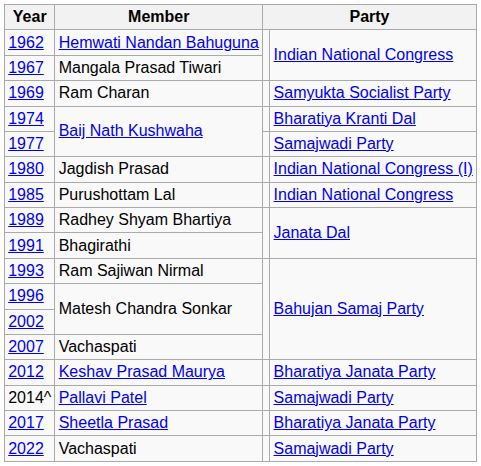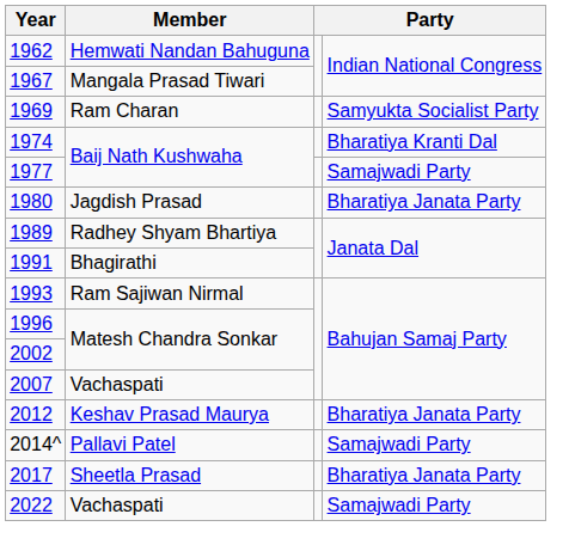 <table class="wikitable">
 <tr>
 <th>Year</th>
 <th>Member</th>
 <th colspan="2">Party</th>
 </tr>
 <tr>
 <td><a href='#'>1962</a></td>
 <td><a href='#'>Hemwati Nandan Bahuguna</a></td>
 <td rowspan="2" style="background-color: "></td>
 <td rowspan="2"><a href='#'>Indian National Congress</a></td>
 </tr>
 <tr>
 <td><a href='#'>1967</a></td>
 <td>Mangala Prasad Tiwari</td>
 </tr>
 <tr>
 <td><a href='#'>1969</a></td>
 <td>Ram Charan</td>
 <td style="background-color: "></td>
 <td><a href='#'>Samyukta Socialist Party</a></td>
 </tr>
 <tr>
 <td><a href='#'>1974</a></td>
 <td rowspan="2"><a href='#'>Baij Nath Kushwaha</a></td>
 <td style="background-color: "></td>
 <td><a href='#'>Bharatiya Kranti Dal</a></td>
 </tr>
 <tr>
 <td><a href='#'>1977</a></td>
 <td style="background-color: "></td>
 <td><a href='#'>Samajwadi Party</a></td>
 </tr>
 <tr>
 <td><a href='#'>1980</a></td>
 <td>Jagdish Prasad</td>
 <td style="background-color: "></td>
-<td><a href='#'>Indian National Congress (I)</a></td>
-</tr>
-<tr>
-<td><a href='#'>1985</a></td>
-<td>Purushottam Lal</td>
-<td style="background-color: "></td>
-<td><a href='#'>Indian National Congress</a></td>
+<td><a href='#'>Bharatiya Janata Party</a></td>
 </tr>
 <tr>
 <td><a href='#'>1989</a></td>
 <td>Radhey Shyam Bhartiya</td>
 <td rowspan="2" style="background-color: "></td>
 <td rowspan="2"><a href='#'>Janata Dal</a></td>
 </tr>
 <tr>
 <td><a href='#'>1991</a></td>
 <td>Bhagirathi</td>
 </tr>
 <tr>
 <td><a href='#'>1993</a></td>
 <td>Ram Sajiwan Nirmal</td>
 <td rowspan="4" style="background-color: "></td>
 <td rowspan="4"><a href='#'>Bahujan Samaj Party</a></td>
 </tr>
 <tr>
 <td><a href='#'>1996</a></td>
 <td rowspan="2">Matesh Chandra Sonkar</td>
 </tr>
 <tr>
 <td><a href='#'>2002</a></td>
 </tr>
 <tr>
 <td><a href='#'>2007</a></td>
 <td>Vachaspati</td>
 </tr>
 <tr>
 <td><a href='#'>2012</a></td>
 <td><a href='#'>Keshav Prasad Maurya</a></td>
 <td style="background-color: "></td>
 <td><a href='#'>Bharatiya Janata Party</a></td>
 </tr>
 <tr>
 <td>2014^</td>
 <td><a href='#'>Pallavi Patel</a></td>
 <td style="background-color: "></td>
 <td><a href='#'>Samajwadi Party</a></td>
 </tr>
 <tr>
 <td><a href='#'>2017</a></td>
 <td><a href='#'>Sheetla Prasad</a></td>
 <td style="background-color: "></td>
 <td><a href='#'>Bharatiya Janata Party</a></td>
 </tr>
 <tr>
 <td><a href='#'>2022</a></td>
 <td>Vachaspati</td>
 <td style="background-color: "></td>
 <td><a href='#'>Samajwadi Party</a></td>
 </tr>
 </table>
